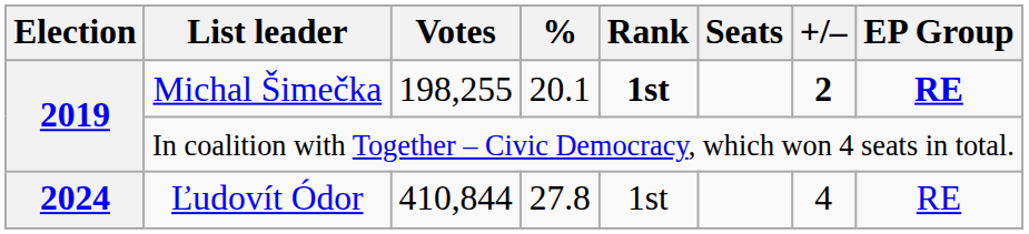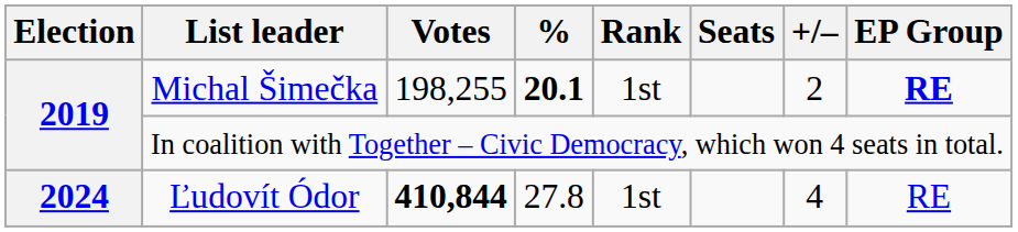 <table class=wikitable style=text-align:center>
 <tr>
 <th>Election</th>
 <th>List leader</th>
 <th>Votes</th>
 <th>%</th>
 <th>Rank</th>
 <th><strong>Seats</strong></th>
 <th>+/–</th>
 <th>EP Group</th>
 </tr>
 <tr>
 <th rowspan="2"><a href='#'>2019</a></th>
 <td><a href='#'>Michal Šimečka</a></td>
 <td>198,255</td>
-<td>20.1</td>
-<td><strong>1st</strong></td>
+<td><strong>20.1</strong></td>
+<td>1st</td>
 <td></td>
-<td><strong> 2</strong></td>
+<td> 2</td>
 <td><strong><a href='#'>RE</a></strong></td>
 </tr>
 <tr>
 <td colspan="7" align="left"><small>In coalition with <a href='#'>Together – Civic Democracy</a>, which won 4 seats in total.</small></td>
 </tr>
 <tr>
 <th><a href='#'>2024</a></th>
 <td><a href='#'>Ľudovít Ódor</a></td>
-<td>410,844</td>
+<td><strong>410,844</strong></td>
 <td>27.8</td>
 <td>1st</td>
 <td></td>
 <td> 4</td>
 <td><a href='#'>RE</a></td>
 </tr>
 </table>
